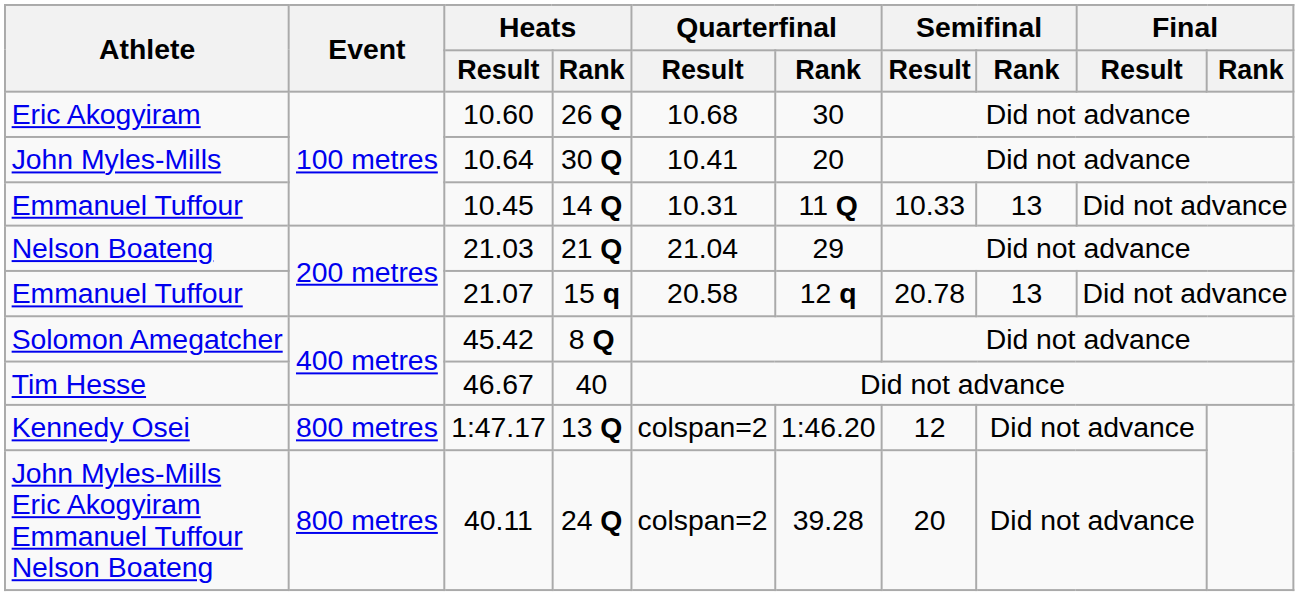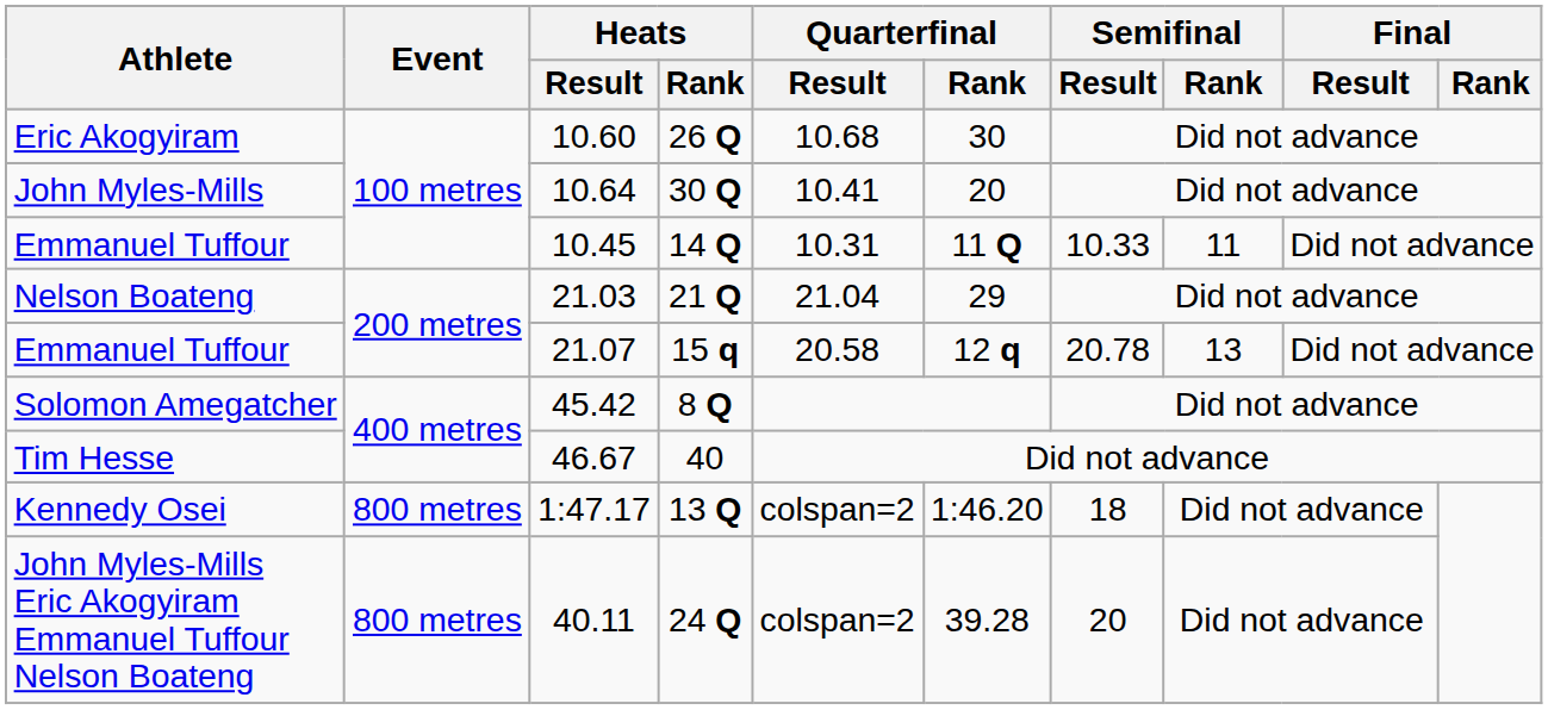 <table class="wikitable" style="font-size:90%">
 <tr>
 <th rowspan="2">Athlete</th>
 <th rowspan="2">Event</th>
 <th colspan="2">Heats</th>
 <th colspan="2">Quarterfinal</th>
 <th colspan="2">Semifinal</th>
 <th colspan="2">Final</th>
 </tr>
 <tr style="font-size:95%">
 <th>Result</th>
 <th>Rank</th>
 <th>Result</th>
 <th>Rank</th>
 <th>Result</th>
 <th>Rank</th>
 <th>Result</th>
 <th>Rank</th>
 </tr>
 <tr align=center>
 <td align=left><a href='#'>Eric Akogyiram</a></td>
 <td align=left rowspan=3><a href='#'>100 metres</a></td>
 <td>10.60</td>
 <td>26 <strong>Q</strong></td>
 <td>10.68</td>
 <td>30</td>
 <td colspan=4>Did not advance</td>
 </tr>
 <tr align=center>
 <td align=left><a href='#'>John Myles-Mills</a></td>
 <td>10.64</td>
 <td>30 <strong>Q</strong></td>
 <td>10.41</td>
 <td>20</td>
 <td colspan=4>Did not advance</td>
 </tr>
 <tr align=center>
 <td align=left><a href='#'>Emmanuel Tuffour</a></td>
 <td>10.45</td>
 <td>14 <strong>Q</strong></td>
 <td>10.31</td>
 <td>11 <strong>Q</strong></td>
 <td>10.33</td>
-<td>13</td>
+<td>11</td>
 <td colspan=2>Did not advance</td>
 </tr>
 <tr align=center>
 <td align=left><a href='#'>Nelson Boateng</a></td>
 <td align=left rowspan=2><a href='#'>200 metres</a></td>
 <td>21.03</td>
 <td>21 <strong>Q</strong></td>
 <td>21.04</td>
 <td>29</td>
 <td colspan=4>Did not advance</td>
 </tr>
 <tr align=center>
 <td align=left><a href='#'>Emmanuel Tuffour</a></td>
 <td>21.07</td>
 <td>15 <strong>q</strong></td>
 <td>20.58</td>
 <td>12 <strong>q</strong></td>
 <td>20.78</td>
 <td>13</td>
 <td colspan=2>Did not advance</td>
 </tr>
 <tr align=center>
 <td align=left><a href='#'>Solomon Amegatcher</a></td>
 <td align=left rowspan=2><a href='#'>400 metres</a></td>
 <td>45.42</td>
 <td>8 <strong>Q</strong></td>
 <td colspan=2></td>
 <td colspan=4>Did not advance</td>
 </tr>
 <tr align=center>
 <td align=left><a href='#'>Tim Hesse</a></td>
 <td>46.67</td>
 <td>40</td>
 <td colspan=6>Did not advance</td>
 </tr>
 <tr align=center>
 <td align=left><a href='#'>Kennedy Osei</a></td>
 <td align=left><a href='#'>800 metres</a></td>
 <td>1:47.17</td>
 <td>13 <strong>Q</strong></td>
 <td>colspan=2</td>
 <td>1:46.20</td>
-<td>12</td>
+<td>18</td>
 <td colspan=2>Did not advance</td>
 </tr>
 <tr align=center>
 <td align=left><a href='#'>John Myles-Mills</a><br><a href='#'>Eric Akogyiram</a><br><a href='#'>Emmanuel Tuffour</a><br><a href='#'>Nelson Boateng</a></td>
 <td align=left><a href='#'>800 metres</a></td>
 <td>40.11</td>
 <td>24 <strong>Q</strong></td>
 <td>colspan=2</td>
 <td>39.28</td>
 <td>20</td>
 <td colspan=2>Did not advance</td>
 </tr>
 </table>
